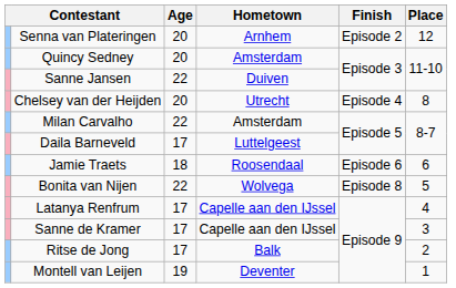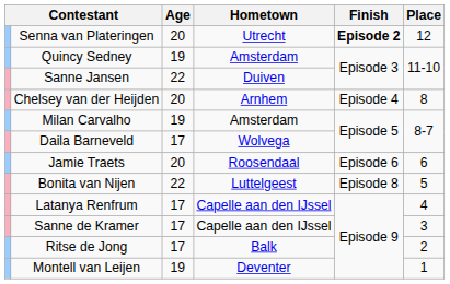 <table class="wikitable sortable" style="text-align:center;">
 <tr>
 <th colspan="2">Contestant </th>
 <th>Age</th>
 <th>Hometown</th>
 <th>Finish</th>
 <th>Place</th>
 </tr>
 <tr>
 <th style="background:#9cf;"></th>
 <td nowrap>Senna van Plateringen</td>
 <td>20</td>
-<td><a href='#'>Arnhem</a></td>
-<td>Episode 2</td>
+<td><a href='#'>Utrecht</a></td>
+<td><strong>Episode 2</strong></td>
 <td>12</td>
 </tr>
 <tr>
 <th style="background:#9cf;"></th>
 <td>Quincy Sedney</td>
-<td>20</td>
+<td>19</td>
 <td><a href='#'>Amsterdam</a></td>
 <td rowspan="2">Episode 3</td>
 <td rowspan="2">11-10</td>
 </tr>
 <tr>
 <th style="background:#faafbe"></th>
 <td>Sanne Jansen</td>
 <td>22</td>
 <td><a href='#'>Duiven</a></td>
 </tr>
 <tr>
 <th style="background:#faafbe"></th>
 <td>Chelsey van der Heijden</td>
 <td>20</td>
-<td><a href='#'>Utrecht</a></td>
+<td><a href='#'>Arnhem</a></td>
 <td>Episode 4</td>
 <td>8</td>
 </tr>
 <tr>
 <th style="background:#9cf;"></th>
 <td>Milan Carvalho</td>
-<td>22</td>
+<td>19</td>
 <td>Amsterdam</td>
 <td rowspan="2">Episode 5</td>
 <td rowspan="2">8-7</td>
 </tr>
 <tr>
 <th style="background:#faafbe"></th>
 <td>Daila Barneveld</td>
 <td>17</td>
-<td><a href='#'>Luttelgeest</a></td>
+<td><a href='#'>Wolvega</a></td>
 </tr>
 <tr>
 <th style="background:#9cf;"></th>
 <td>Jamie Traets</td>
-<td>18</td>
+<td>20</td>
 <td><a href='#'>Roosendaal</a></td>
 <td>Episode 6</td>
 <td>6</td>
 </tr>
 <tr>
 <th style="background:#faafbe"></th>
 <td>Bonita van Nijen</td>
 <td>22</td>
-<td><a href='#'>Wolvega</a></td>
+<td><a href='#'>Luttelgeest</a></td>
 <td>Episode 8</td>
 <td>5</td>
 </tr>
 <tr>
 <th style="background:#faafbe"></th>
 <td>Latanya Renfrum</td>
 <td>17</td>
 <td><a href='#'>Capelle aan den IJssel</a></td>
 <td rowspan="4">Episode 9</td>
 <td>4</td>
 </tr>
 <tr>
 <th style="background:#faafbe"></th>
 <td>Sanne de Kramer</td>
 <td>17</td>
 <td>Capelle aan den IJssel</td>
 <td>3</td>
 </tr>
 <tr>
 <th style="background:#9cf;"></th>
 <td>Ritse de Jong</td>
 <td>17</td>
 <td><a href='#'>Balk</a></td>
 <td>2</td>
 </tr>
 <tr>
 <th style="background:#9cf;"></th>
 <td>Montell van Leijen</td>
 <td>19</td>
 <td><a href='#'>Deventer</a></td>
 <td>1</td>
 </tr>
 </table>
